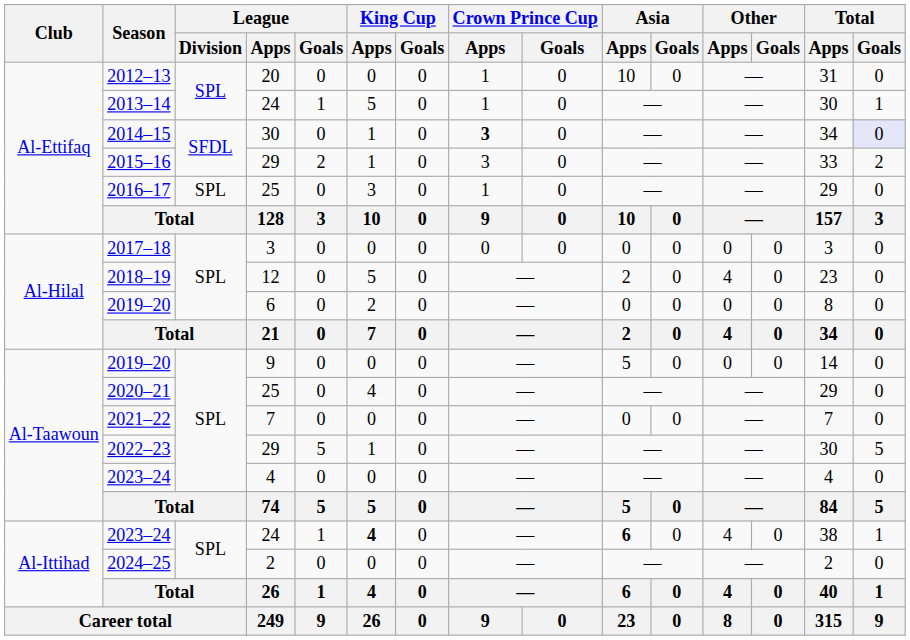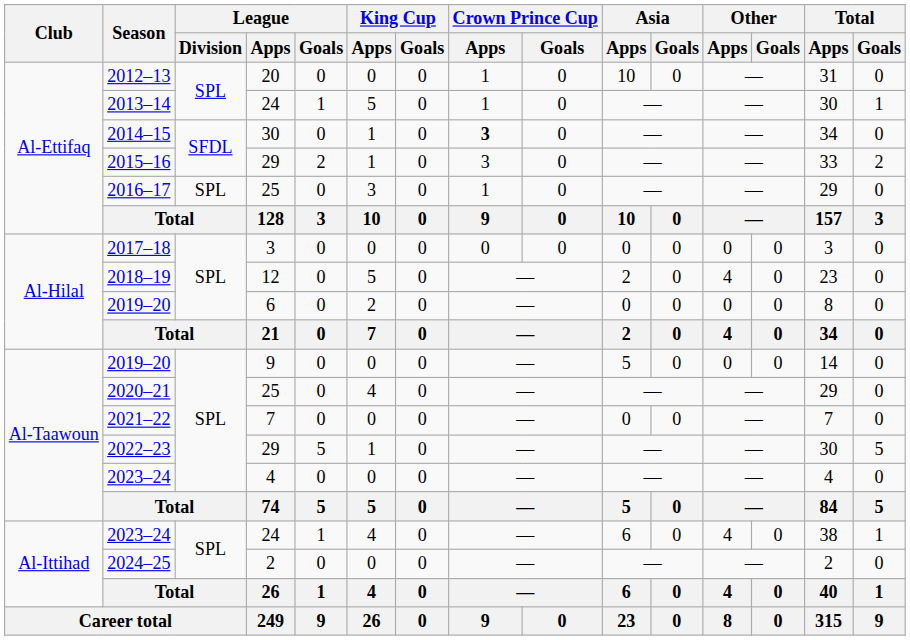 <table class="wikitable" style="text-align: center">
 <tr>
 <th rowspan=2>Club</th>
 <th rowspan=2>Season</th>
 <th colspan=3>League</th>
 <th colspan=2><a href='#'>King Cup</a></th>
 <th colspan=2><a href='#'>Crown Prince Cup</a></th>
 <th colspan=2>Asia</th>
 <th colspan=2>Other</th>
 <th colspan=2>Total</th>
 </tr>
 <tr>
 <th>Division</th>
 <th>Apps</th>
 <th>Goals</th>
 <th>Apps</th>
 <th>Goals</th>
 <th>Apps</th>
 <th>Goals</th>
 <th>Apps</th>
 <th>Goals</th>
 <th>Apps</th>
 <th>Goals</th>
 <th>Apps</th>
 <th>Goals</th>
 </tr>
 <tr>
 <td rowspan=6><a href='#'>Al-Ettifaq</a></td>
 <td><a href='#'>2012–13</a></td>
 <td rowspan=2><a href='#'>SPL</a></td>
 <td>20</td>
 <td>0</td>
 <td>0</td>
 <td>0</td>
 <td>1</td>
 <td>0</td>
 <td>10</td>
 <td>0</td>
 <td colspan=2>—</td>
 <td>31</td>
 <td>0</td>
 </tr>
 <tr>
 <td><a href='#'>2013–14</a></td>
 <td>24</td>
 <td>1</td>
 <td>5</td>
 <td>0</td>
 <td>1</td>
 <td>0</td>
 <td colspan=2>—</td>
 <td colspan=2>—</td>
 <td>30</td>
 <td>1</td>
 </tr>
 <tr>
 <td><a href='#'>2014–15</a></td>
 <td rowspan=2><a href='#'>SFDL</a></td>
 <td>30</td>
 <td>0</td>
 <td>1</td>
 <td>0</td>
 <td><strong>3</strong></td>
 <td>0</td>
 <td colspan=2>—</td>
 <td colspan=2>—</td>
 <td>34</td>
-<td style="background: lavender;">0</td>
+<td>0</td>
 </tr>
 <tr>
 <td><a href='#'>2015–16</a></td>
 <td>29</td>
 <td>2</td>
 <td>1</td>
 <td>0</td>
 <td>3</td>
 <td>0</td>
 <td colspan=2>—</td>
 <td colspan=2>—</td>
 <td>33</td>
 <td>2</td>
 </tr>
 <tr>
 <td><a href='#'>2016–17</a></td>
 <td>SPL</td>
 <td>25</td>
 <td>0</td>
 <td>3</td>
 <td>0</td>
 <td>1</td>
 <td>0</td>
 <td colspan=2>—</td>
 <td colspan=2>—</td>
 <td>29</td>
 <td>0</td>
 </tr>
 <tr>
 <th colspan="2">Total</th>
 <th>128</th>
 <th>3</th>
 <th>10</th>
 <th>0</th>
 <th>9</th>
 <th>0</th>
 <th>10</th>
 <th>0</th>
 <th colspan=2>—</th>
 <th>157</th>
 <th>3</th>
 </tr>
 <tr>
 <td rowspan=4><a href='#'>Al-Hilal</a></td>
 <td><a href='#'>2017–18</a></td>
 <td rowspan=3>SPL</td>
 <td>3</td>
 <td>0</td>
 <td>0</td>
 <td>0</td>
 <td>0</td>
 <td>0</td>
 <td>0</td>
 <td>0</td>
 <td>0</td>
 <td>0</td>
 <td>3</td>
 <td>0</td>
 </tr>
 <tr>
 <td><a href='#'>2018–19</a></td>
 <td>12</td>
 <td>0</td>
 <td>5</td>
 <td>0</td>
 <td colspan=2>—</td>
 <td>2</td>
 <td>0</td>
 <td>4</td>
 <td>0</td>
 <td>23</td>
 <td>0</td>
 </tr>
 <tr>
 <td><a href='#'>2019–20</a></td>
 <td>6</td>
 <td>0</td>
 <td>2</td>
 <td>0</td>
 <td colspan=2>—</td>
 <td>0</td>
 <td>0</td>
 <td>0</td>
 <td>0</td>
 <td>8</td>
 <td>0</td>
 </tr>
 <tr>
 <th colspan="2">Total</th>
 <th>21</th>
 <th>0</th>
 <th>7</th>
 <th>0</th>
 <th colspan=2>—</th>
 <th>2</th>
 <th>0</th>
 <th>4</th>
 <th>0</th>
 <th>34</th>
 <th>0</th>
 </tr>
 <tr>
 <td rowspan=6><a href='#'>Al-Taawoun</a></td>
 <td><a href='#'>2019–20</a></td>
 <td rowspan=5>SPL</td>
 <td>9</td>
 <td>0</td>
 <td>0</td>
 <td>0</td>
 <td colspan=2>—</td>
 <td>5</td>
 <td>0</td>
 <td>0</td>
 <td>0</td>
 <td>14</td>
 <td>0</td>
 </tr>
 <tr>
 <td><a href='#'>2020–21</a></td>
 <td>25</td>
 <td>0</td>
 <td>4</td>
 <td>0</td>
 <td colspan=2>—</td>
 <td colspan=2>—</td>
 <td colspan=2>—</td>
 <td>29</td>
 <td>0</td>
 </tr>
 <tr>
 <td><a href='#'>2021–22</a></td>
 <td>7</td>
 <td>0</td>
 <td>0</td>
 <td>0</td>
 <td colspan=2>—</td>
 <td>0</td>
 <td>0</td>
 <td colspan=2>—</td>
 <td>7</td>
 <td>0</td>
 </tr>
 <tr>
 <td><a href='#'>2022–23</a></td>
 <td>29</td>
 <td>5</td>
 <td>1</td>
 <td>0</td>
 <td colspan=2>—</td>
 <td colspan=2>—</td>
 <td colspan=2>—</td>
 <td>30</td>
 <td>5</td>
 </tr>
 <tr>
 <td><a href='#'>2023–24</a></td>
 <td>4</td>
 <td>0</td>
 <td>0</td>
 <td>0</td>
 <td colspan=2>—</td>
 <td colspan=2>—</td>
 <td colspan=2>—</td>
 <td>4</td>
 <td>0</td>
 </tr>
 <tr>
 <th colspan="2">Total</th>
 <th>74</th>
 <th>5</th>
 <th>5</th>
 <th>0</th>
 <th colspan=2>—</th>
 <th>5</th>
 <th>0</th>
 <th colspan=2>—</th>
 <th>84</th>
 <th>5</th>
 </tr>
 <tr>
 <td rowspan=3><a href='#'>Al-Ittihad</a></td>
 <td><a href='#'>2023–24</a></td>
 <td rowspan=2>SPL</td>
 <td>24</td>
 <td>1</td>
-<td><strong>4</strong></td>
+<td>4</td>
 <td>0</td>
 <td colspan=2>—</td>
-<td><strong>6</strong></td>
+<td>6</td>
 <td>0</td>
 <td>4</td>
 <td>0</td>
 <td>38</td>
 <td>1</td>
 </tr>
 <tr>
 <td><a href='#'>2024–25</a></td>
 <td>2</td>
 <td>0</td>
 <td>0</td>
 <td>0</td>
 <td colspan=2>—</td>
 <td colspan=2>—</td>
 <td colspan=2>—</td>
 <td>2</td>
 <td>0</td>
 </tr>
 <tr>
 <th colspan="2">Total</th>
 <th>26</th>
 <th>1</th>
 <th>4</th>
 <th>0</th>
 <th colspan=2>—</th>
 <th>6</th>
 <th>0</th>
 <th>4</th>
 <th>0</th>
 <th>40</th>
 <th>1</th>
 </tr>
 <tr>
 <th colspan=3>Career total</th>
 <th>249</th>
 <th>9</th>
 <th>26</th>
 <th>0</th>
 <th>9</th>
 <th>0</th>
 <th>23</th>
 <th>0</th>
 <th>8</th>
 <th>0</th>
 <th>315</th>
 <th>9</th>
 </tr>
 </table>
